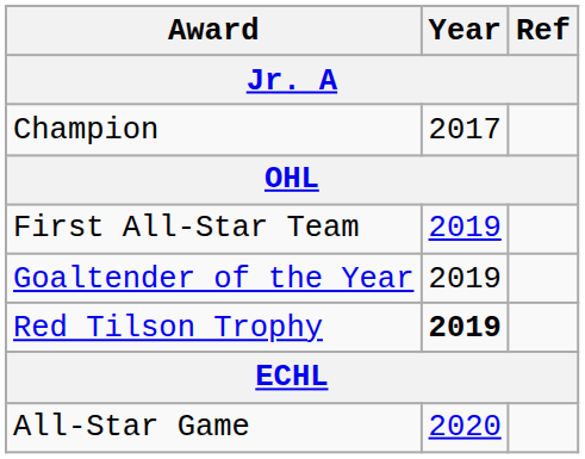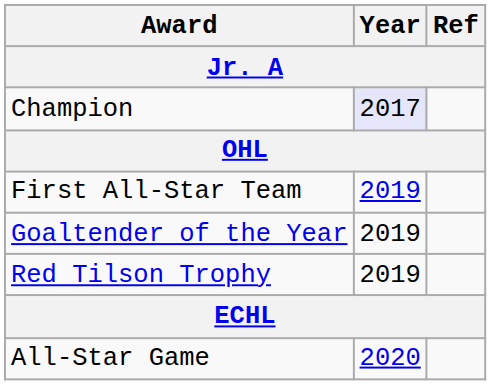 <table class="wikitable">
 <tr>
 <th>Award</th>
 <th>Year</th>
 <th>Ref</th>
 </tr>
 <tr>
 <th colspan="3"><a href='#'>Jr. A</a></th>
 </tr>
 <tr>
 <td>Champion</td>
-<td>2017</td>
+<td style="background: lavender;">2017</td>
 <td></td>
 </tr>
 <tr>
 <th colspan="3"><a href='#'>OHL</a></th>
 </tr>
 <tr>
 <td>First All-Star Team</td>
 <td><a href='#'>2019</a></td>
 <td></td>
 </tr>
 <tr>
 <td><a href='#'>Goaltender of the Year</a></td>
 <td>2019</td>
 <td></td>
 </tr>
 <tr>
 <td><a href='#'>Red Tilson Trophy</a></td>
-<td><strong>2019</strong></td>
+<td>2019</td>
 <td></td>
 </tr>
 <tr>
 <th colspan="3"><a href='#'>ECHL</a></th>
 </tr>
 <tr>
 <td>All-Star Game</td>
 <td><a href='#'>2020</a></td>
 <td></td>
 </tr>
 </table>
